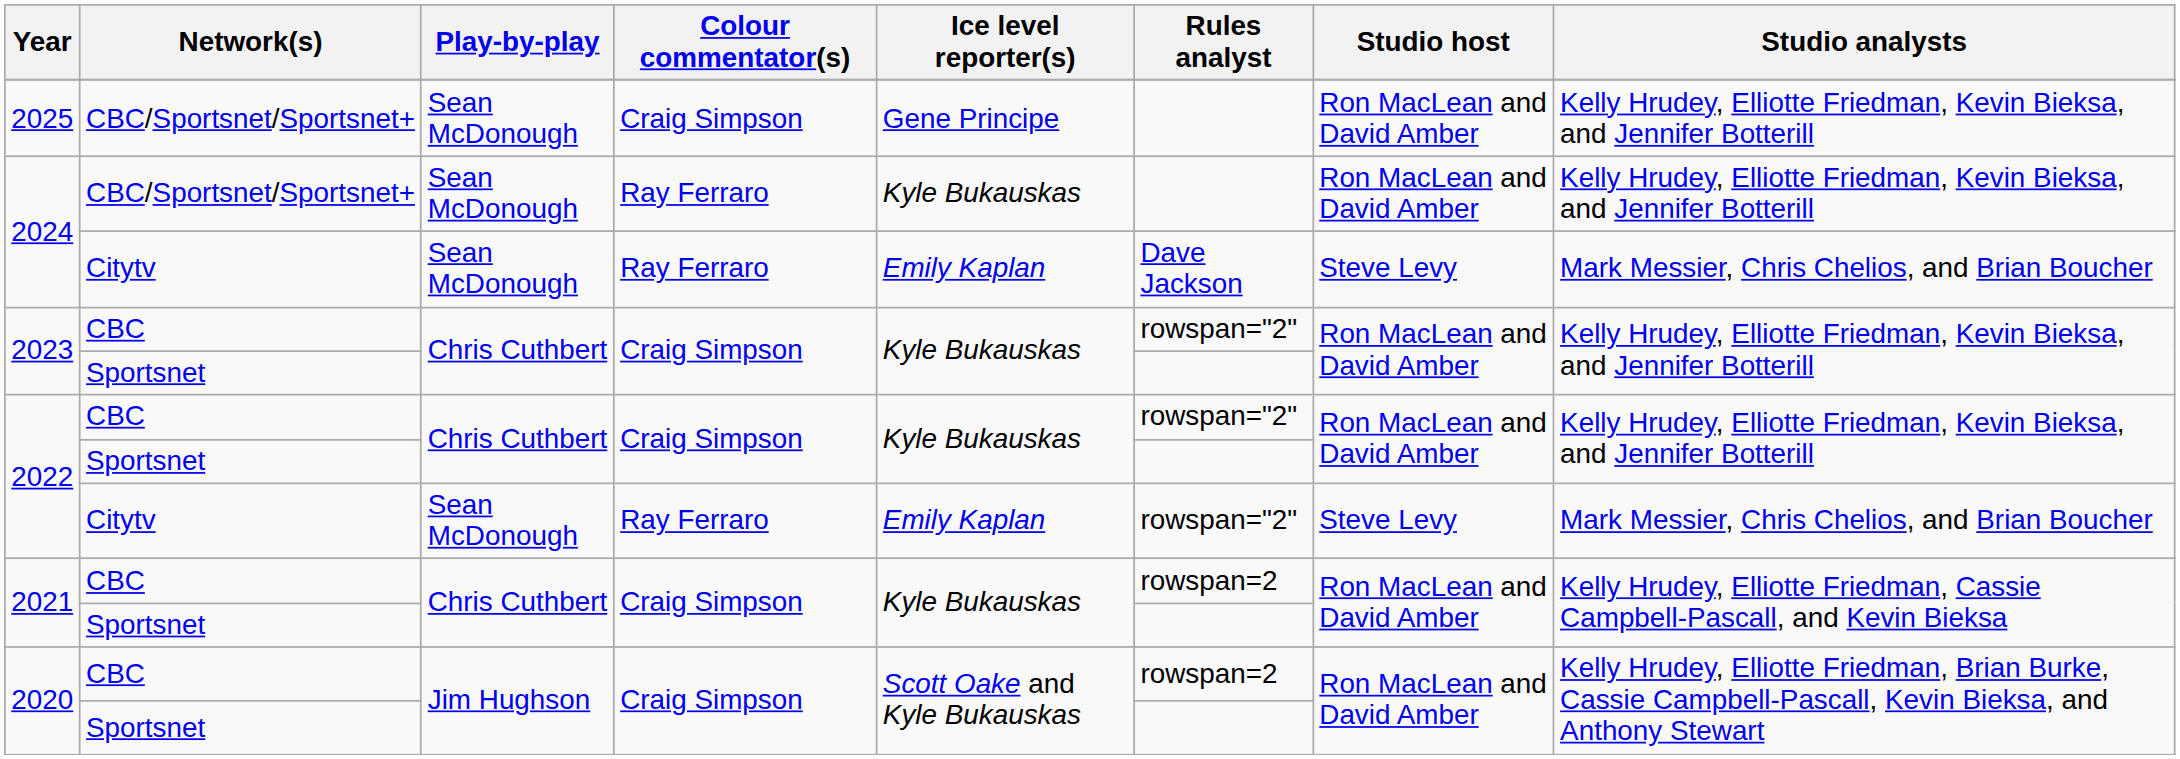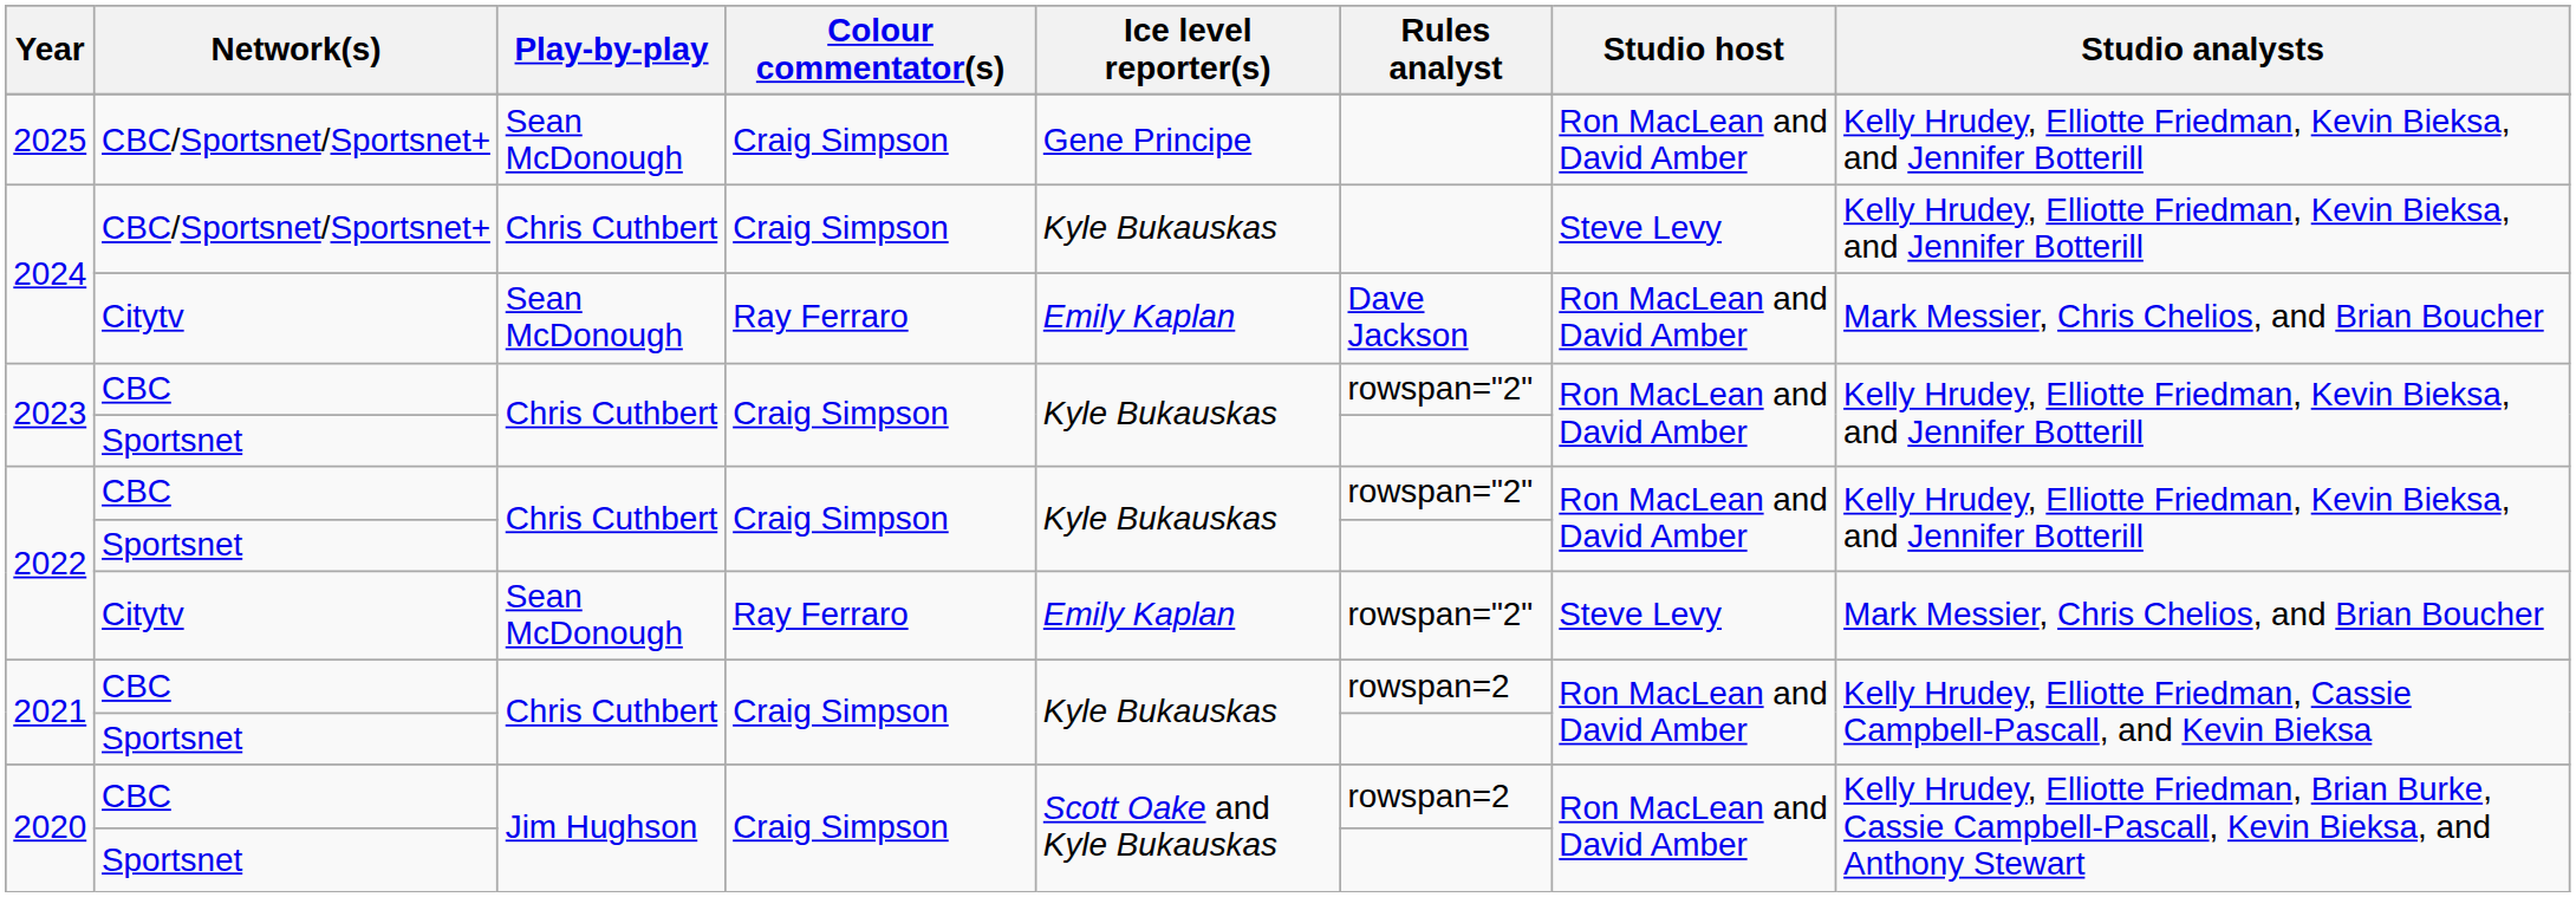 <table class="wikitable">
 <tr>
 <th>Year</th>
 <th>Network(s)</th>
 <th><a href='#'>Play-by-play</a></th>
 <th><a href='#'>Colour commentator</a>(s)</th>
 <th>Ice level reporter(s)</th>
 <th>Rules analyst</th>
 <th>Studio host</th>
 <th>Studio analysts</th>
 </tr>
 <tr>
 </tr>
 <tr>
 <td><a href='#'>2025</a></td>
 <td><a href='#'>CBC</a>/<a href='#'>Sportsnet</a>/<a href='#'>Sportsnet+</a></td>
 <td><a href='#'>Sean McDonough</a></td>
 <td><a href='#'>Craig Simpson</a></td>
 <td><a href='#'>Gene Principe</a></td>
 <td></td>
 <td><a href='#'>Ron MacLean</a> and <a href='#'>David Amber</a></td>
 <td><a href='#'>Kelly Hrudey</a>, <a href='#'>Elliotte Friedman</a>, <a href='#'>Kevin Bieksa</a>, and <a href='#'>Jennifer Botterill</a></td>
 </tr>
 <tr>
 <td rowspan="2"><a href='#'>2024</a></td>
 <td><a href='#'>CBC</a>/<a href='#'>Sportsnet</a>/<a href='#'>Sportsnet+</a></td>
-<td><a href='#'>Sean McDonough</a></td>
-<td><a href='#'>Ray Ferraro</a></td>
+<td><a href='#'>Chris Cuthbert</a></td>
+<td><a href='#'>Craig Simpson</a></td>
 <td><em>Kyle Bukauskas</em></td>
 <td></td>
-<td><a href='#'>Ron MacLean</a> and <a href='#'>David Amber</a></td>
+<td><a href='#'>Steve Levy</a></td>
 <td><a href='#'>Kelly Hrudey</a>, <a href='#'>Elliotte Friedman</a>, <a href='#'>Kevin Bieksa</a>, and <a href='#'>Jennifer Botterill</a></td>
 </tr>
 <tr>
 <td><a href='#'>Citytv</a> </td>
 <td><a href='#'>Sean McDonough</a></td>
 <td><a href='#'>Ray Ferraro</a></td>
 <td><em><a href='#'>Emily Kaplan</a></em></td>
 <td><a href='#'>Dave Jackson</a></td>
-<td><a href='#'>Steve Levy</a></td>
+<td><a href='#'>Ron MacLean</a> and <a href='#'>David Amber</a></td>
 <td><a href='#'>Mark Messier</a>, <a href='#'>Chris Chelios</a>, and <a href='#'>Brian Boucher</a></td>
 </tr>
 <tr>
 <td rowspan="2"><a href='#'>2023</a></td>
 <td><a href='#'>CBC</a></td>
 <td rowspan="2"><a href='#'>Chris Cuthbert</a></td>
 <td rowspan="2"><a href='#'>Craig Simpson</a></td>
 <td rowspan="2"><em>Kyle Bukauskas</em></td>
 <td>rowspan="2" </td>
 <td rowspan="2"><a href='#'>Ron MacLean</a> and <a href='#'>David Amber</a></td>
 <td rowspan="2"><a href='#'>Kelly Hrudey</a>, <a href='#'>Elliotte Friedman</a>, <a href='#'>Kevin Bieksa</a>, and <a href='#'>Jennifer Botterill</a></td>
 </tr>
 <tr>
 <td><a href='#'>Sportsnet</a></td>
 </tr>
 <tr>
 <td rowspan="3"><a href='#'>2022</a></td>
 <td><a href='#'>CBC</a></td>
 <td rowspan="2"><a href='#'>Chris Cuthbert</a></td>
 <td rowspan="2"><a href='#'>Craig Simpson</a></td>
 <td rowspan="2"><em>Kyle Bukauskas</em></td>
 <td>rowspan="2" </td>
 <td rowspan="2"><a href='#'>Ron MacLean</a> and <a href='#'>David Amber</a></td>
 <td rowspan="2"><a href='#'>Kelly Hrudey</a>, <a href='#'>Elliotte Friedman</a>, <a href='#'>Kevin Bieksa</a>, and <a href='#'>Jennifer Botterill</a></td>
 </tr>
 <tr>
 <td><a href='#'>Sportsnet</a></td>
 </tr>
 <tr>
 <td><a href='#'>Citytv</a> </td>
 <td><a href='#'>Sean McDonough</a></td>
 <td><a href='#'>Ray Ferraro</a></td>
 <td><em><a href='#'>Emily Kaplan</a></em></td>
 <td>rowspan="2" </td>
 <td><a href='#'>Steve Levy</a></td>
 <td><a href='#'>Mark Messier</a>, <a href='#'>Chris Chelios</a>, and <a href='#'>Brian Boucher</a></td>
 </tr>
 <tr>
 <td rowspan=2><a href='#'>2021</a></td>
 <td><a href='#'>CBC</a></td>
 <td rowspan=2><a href='#'>Chris Cuthbert</a></td>
 <td rowspan=2><a href='#'>Craig Simpson</a></td>
 <td rowspan=2><em>Kyle Bukauskas</em></td>
 <td>rowspan=2 </td>
 <td rowspan=2><a href='#'>Ron MacLean</a> and <a href='#'>David Amber</a></td>
 <td rowspan=2><a href='#'>Kelly Hrudey</a>, <a href='#'>Elliotte Friedman</a>, <a href='#'>Cassie Campbell-Pascall</a>, and <a href='#'>Kevin Bieksa</a></td>
 </tr>
 <tr>
 <td><a href='#'>Sportsnet</a></td>
 </tr>
 <tr>
 <td rowspan=2><a href='#'>2020</a></td>
 <td><a href='#'>CBC</a></td>
 <td rowspan=2><a href='#'>Jim Hughson</a></td>
 <td rowspan=2><a href='#'>Craig Simpson</a></td>
 <td rowspan=2><em><a href='#'>Scott Oake</a></em> and <em>Kyle Bukauskas</em></td>
 <td>rowspan=2 </td>
 <td rowspan=2><a href='#'>Ron MacLean</a> and <a href='#'>David Amber</a></td>
 <td rowspan=2><a href='#'>Kelly Hrudey</a>, <a href='#'>Elliotte Friedman</a>, <a href='#'>Brian Burke</a>, <a href='#'>Cassie Campbell-Pascall</a>, <a href='#'>Kevin Bieksa</a>, and <a href='#'>Anthony Stewart</a></td>
 </tr>
 <tr>
 <td><a href='#'>Sportsnet</a></td>
 </tr>
 </table>
